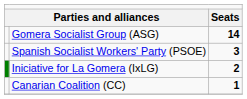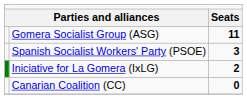 <table class="wikitable" style="text-align:right;">
 <tr>
 <td colspan="7"></td>
 </tr>
 <tr>
 <th colspan="2">Parties and alliances</th>
 <th colspan="2">Seats</th>
 </tr>
 <tr>
 <td style="color:inherit;background:"></td>
 <td align="left"><a href='#'>Gomera Socialist Group</a> (ASG)</td>
-<td><strong>14</strong></td>
+<td><strong>11</strong></td>
 </tr>
 <tr>
 <td style="color:inherit;background:"></td>
 <td align="left"><a href='#'>Spanish Socialist Workers' Party</a> (PSOE)</td>
 <td><strong>3</strong></td>
 </tr>
 <tr>
 <td style="color:inherit;background:#008000"></td>
 <td align="left"><a href='#'>Iniciative for La Gomera</a> (IxLG)</td>
 <td><strong>2</strong></td>
 </tr>
 <tr>
 <td style="color:inherit;background:"></td>
 <td align="left"><a href='#'>Canarian Coalition</a> (CC)</td>
-<td><strong>1</strong></td>
+<td><strong>0</strong></td>
 </tr>
 <tr>
 </tr>
 </table>
